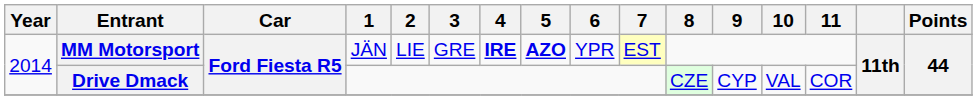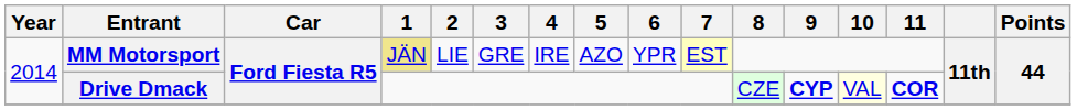 <table class="wikitable" style="text-align:center; font-size:85%">
 <tr>
 <th>Year</th>
 <th>Entrant</th>
 <th>Car</th>
 <th>1</th>
 <th>2</th>
 <th>3</th>
 <th>4</th>
 <th>5</th>
 <th>6</th>
 <th>7</th>
 <th>8</th>
 <th>9</th>
 <th>10</th>
 <th>11</th>
 <th></th>
 <th>Points</th>
 </tr>
 <tr>
 <td rowspan=2><a href='#'>2014</a></td>
 <th nowrap><a href='#'>MM Motorsport</a></th>
 <th rowspan=2 nowrap><a href='#'>Ford Fiesta R5</a></th>
-<td><a href='#'>JÄN</a></td>
+<td style="background: khaki;"><a href='#'>JÄN</a></td>
 <td><a href='#'>LIE</a></td>
 <td><a href='#'>GRE</a></td>
-<td><strong><a href='#'>IRE</a></strong></td>
-<td><strong><a href='#'>AZO</a></strong></td>
+<td><a href='#'>IRE</a></td>
+<td><a href='#'>AZO</a></td>
 <td><a href='#'>YPR</a></td>
 <td style="background:#FFFFBF;"><a href='#'>EST</a><br></td>
 <td colspan=4></td>
 <th rowspan=2>11th</th>
 <th rowspan=2>44</th>
 </tr>
 <tr>
 <th nowrap><a href='#'>Drive Dmack</a></th>
 <td colspan=7></td>
 <td style="background:#DFFFDF;"><a href='#'>CZE</a><br></td>
-<td><a href='#'>CYP</a></td>
-<td><a href='#'>VAL</a></td>
-<td><a href='#'>COR</a></td>
+<td><strong><a href='#'>CYP</a></strong></td>
+<td style="background: lightyellow;"><a href='#'>VAL</a></td>
+<td><strong><a href='#'>COR</a></strong></td>
 </tr>
 <tr>
 </tr>
 </table>
